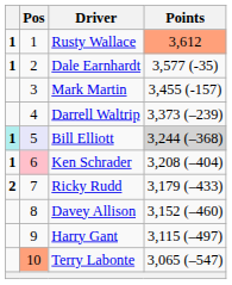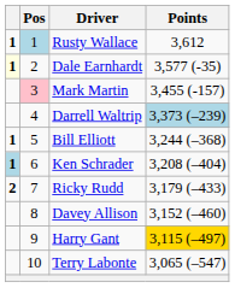 <table class="wikitable" style="font-size: 95%;">
 <tr>
 <th></th>
 <th>Pos</th>
 <th>Driver</th>
 <th>Points</th>
 </tr>
 <tr>
 <td align="left">  <strong>1</strong></td>
-<td style="text-align:center;">1</td>
+<td style="background: lightblue; text-align:center;">1</td>
 <td><a href='#'>Rusty Wallace</a></td>
-<td style="background: lightsalmon; text-align:center;">3,612</td>
+<td style="text-align:center;">3,612</td>
 </tr>
 <tr>
-<td align="left">  <strong>1</strong></td>
+<td align="left" style="background: lightyellow;">  <strong>1</strong></td>
 <td style="text-align:center;">2</td>
 <td><a href='#'>Dale Earnhardt</a></td>
 <td style="text-align:center;">3,577 (-35)</td>
 </tr>
 <tr>
 <td align="left"></td>
-<td style="text-align:center;">3</td>
+<td style="background: pink; text-align:center;">3</td>
 <td><a href='#'>Mark Martin</a></td>
 <td style="text-align:center;">3,455 (-157)</td>
 </tr>
 <tr>
 <td align="left"></td>
 <td style="text-align:center;">4</td>
 <td><a href='#'>Darrell Waltrip</a></td>
-<td style="text-align:center;">3,373 (–239)</td>
-</tr>
-<tr>
-<td align="left" style="background: paleturquoise;">  <strong>1</strong></td>
-<td style="background: lavender; text-align:center;">5</td>
-<td><a href='#'>Bill Elliott</a></td>
-<td style="background: lightgrey; text-align:center;">3,244 (–368)</td>
+<td style="background: lightblue; text-align:center;">3,373 (–239)</td>
 </tr>
 <tr>
 <td align="left">  <strong>1</strong></td>
-<td style="background: pink; text-align:center;">6</td>
+<td style="text-align:center;">5</td>
+<td><a href='#'>Bill Elliott</a></td>
+<td style="text-align:center;">3,244 (–368)</td>
+</tr>
+<tr>
+<td align="left" style="background: lightblue;">  <strong>1</strong></td>
+<td style="text-align:center;">6</td>
 <td><a href='#'>Ken Schrader</a></td>
 <td style="text-align:center;">3,208 (–404)</td>
 </tr>
 <tr>
 <td align="left">  <strong>2</strong></td>
 <td style="text-align:center;">7</td>
 <td><a href='#'>Ricky Rudd</a></td>
 <td style="text-align:center;">3,179 (–433)</td>
 </tr>
 <tr>
 <td align="left"></td>
 <td style="text-align:center;">8</td>
 <td><a href='#'>Davey Allison</a></td>
 <td style="text-align:center;">3,152 (–460)</td>
 </tr>
 <tr>
 <td align="left"></td>
 <td style="text-align:center;">9</td>
 <td><a href='#'>Harry Gant</a></td>
-<td style="text-align:center;">3,115 (–497)</td>
+<td style="background: gold; text-align:center;">3,115 (–497)</td>
 </tr>
 <tr>
 <td align="left"></td>
-<td style="background: lightsalmon; text-align:center;">10</td>
+<td style="text-align:center;">10</td>
 <td><a href='#'>Terry Labonte</a></td>
 <td style="text-align:center;">3,065 (–547)</td>
 </tr>
 <tr class="sortbottom">
 <th colspan="9"></th>
 </tr>
 </table>
